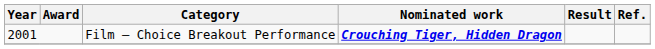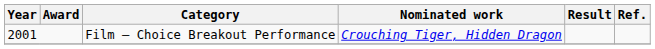 <table class="wikitable">
 <tr>
 <th>Year</th>
 <th>Award</th>
 <th>Category</th>
 <th>Nominated work</th>
 <th>Result</th>
 <th>Ref.</th>
 </tr>
 <tr>
 <td colspan=2>2001</td>
 <td>Film — Choice Breakout Performance</td>
-<td rowspan=1><strong><em><a href='#'>Crouching Tiger, Hidden Dragon</a></em></strong></td>
+<td rowspan=1><em><a href='#'>Crouching Tiger, Hidden Dragon</a></em></td>
 <td></td>
 <td></td>
 </tr>
 <tr>
 </tr>
 </table>
